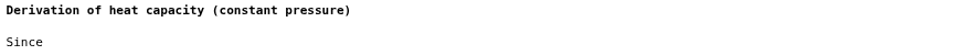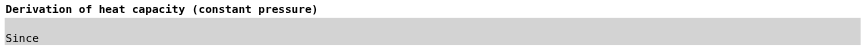 <table class="toccolours collapsible collapsed" width="80%" style="text-align:left">
 <tr>
 <th>Derivation of heat capacity (constant pressure)</th>
 </tr>
 <tr>
-<td><br>Since</td>
+<td style="background: lightgrey;"><br>Since</td>
 </tr>
 </table>
